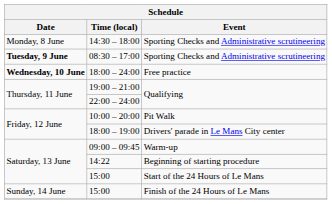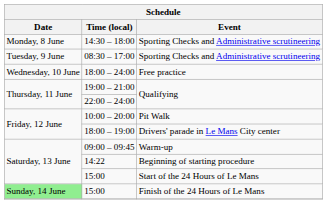 <table class="wikitable" style="font-size: 90%;">
 <tr>
 <th colspan=3>Schedule</th>
 </tr>
 <tr>
 <th>Date</th>
 <th>Time (local)</th>
 <th>Event</th>
 </tr>
 <tr>
 <td>Monday, 8 June</td>
 <td>14:30 – 18:00</td>
 <td>Sporting Checks and <a href='#'>Administrative scrutineering</a></td>
 </tr>
 <tr>
-<td><strong>Tuesday, 9 June</strong></td>
+<td>Tuesday, 9 June</td>
 <td>08:30 – 17:00</td>
 <td>Sporting Checks and <a href='#'>Administrative scrutineering</a></td>
 </tr>
 <tr>
-<td><strong>Wednesday, 10 June</strong></td>
+<td>Wednesday, 10 June</td>
 <td>18:00 – 24:00</td>
 <td>Free practice</td>
 </tr>
 <tr>
 <td rowspan=2>Thursday, 11 June</td>
 <td>19:00 – 21:00</td>
 <td rowspan=2>Qualifying</td>
 </tr>
 <tr>
 <td>22:00 – 24:00</td>
 </tr>
 <tr>
 <td rowspan=2>Friday, 12 June</td>
 <td>10:00 – 20:00</td>
 <td>Pit Walk</td>
 </tr>
 <tr>
 <td>18:00 – 19:00</td>
 <td>Drivers' parade in <a href='#'>Le Mans</a> City center</td>
 </tr>
 <tr>
 <td rowspan=3>Saturday, 13 June</td>
 <td>09:00 – 09:45</td>
 <td>Warm-up</td>
 </tr>
 <tr>
 <td>14:22</td>
 <td>Beginning of starting procedure</td>
 </tr>
 <tr>
 <td>15:00</td>
 <td>Start of the 24 Hours of Le Mans</td>
 </tr>
 <tr>
-<td>Sunday, 14 June</td>
+<td style="background: lightgreen;">Sunday, 14 June</td>
 <td>15:00</td>
 <td>Finish of the 24 Hours of Le Mans</td>
 </tr>
 <tr>
 </tr>
 </table>
